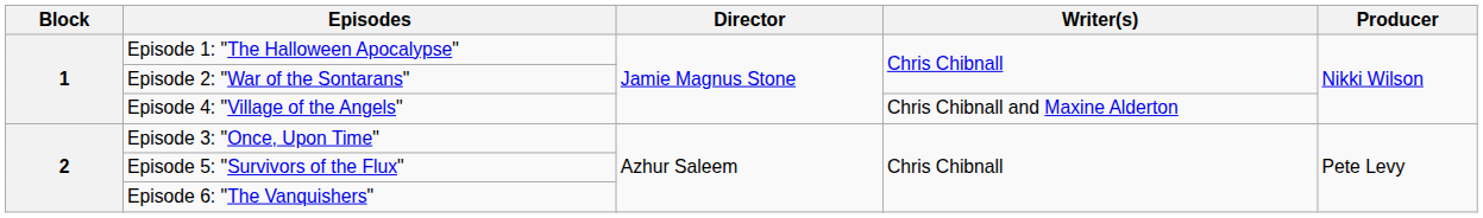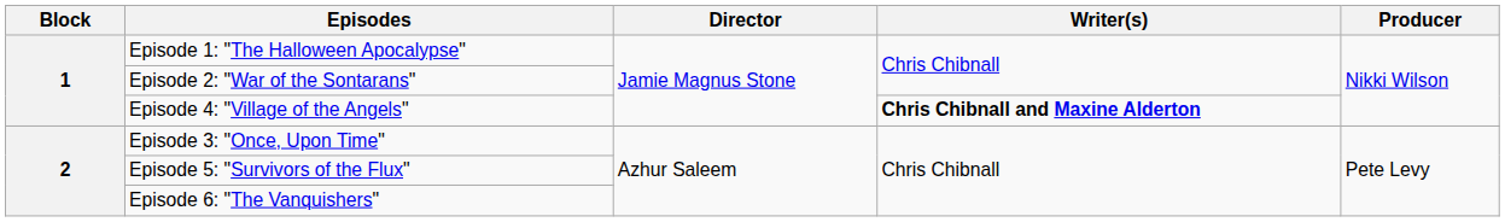 <table class="wikitable" style="width:100%; margin-right:0;">
 <tr>
 <th style="width:8%">Block</th>
 <th>Episodes</th>
 <th>Director</th>
 <th>Writer(s)</th>
 <th>Producer</th>
 </tr>
 <tr>
 <th rowspan="3">1</th>
 <td>Episode 1: "<a href='#'>The Halloween Apocalypse</a>"</td>
 <td rowspan="3"><a href='#'>Jamie Magnus Stone</a></td>
 <td rowspan="2"><a href='#'>Chris Chibnall</a></td>
 <td rowspan="3"><a href='#'>Nikki Wilson</a></td>
 </tr>
 <tr>
 <td>Episode 2: "<a href='#'>War of the Sontarans</a>"</td>
 </tr>
 <tr>
 <td>Episode 4: "<a href='#'>Village of the Angels</a>"</td>
-<td>Chris Chibnall and <a href='#'>Maxine Alderton</a></td>
+<td><strong>Chris Chibnall and <a href='#'>Maxine Alderton</a></strong></td>
 </tr>
 <tr>
 <th rowspan="3">2</th>
 <td>Episode 3: "<a href='#'>Once, Upon Time</a>"</td>
 <td rowspan="3">Azhur Saleem</td>
 <td rowspan="3">Chris Chibnall</td>
 <td rowspan="3">Pete Levy</td>
 </tr>
 <tr>
 <td>Episode 5: "<a href='#'>Survivors of the Flux</a>"</td>
 </tr>
 <tr>
 <td>Episode 6: "<a href='#'>The Vanquishers</a>"</td>
 </tr>
 </table>
